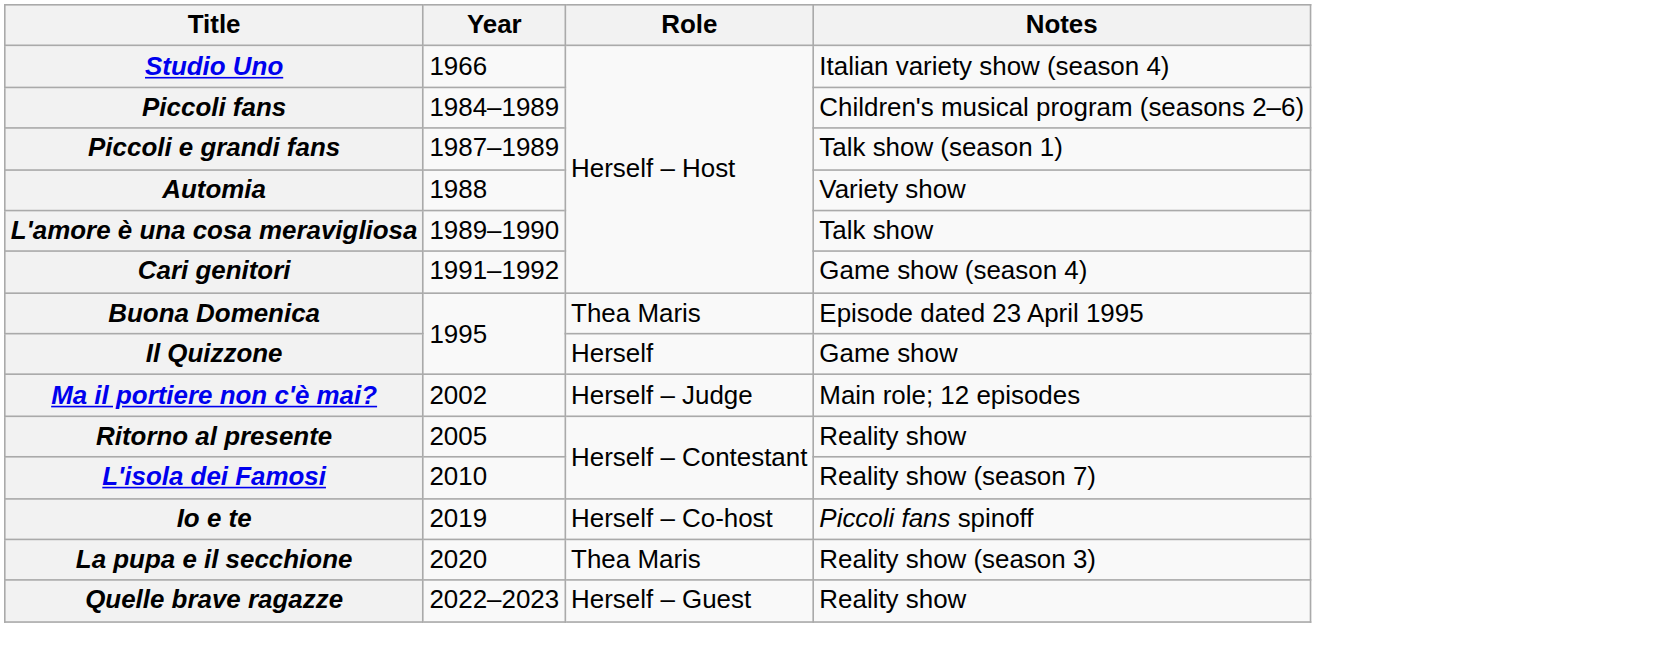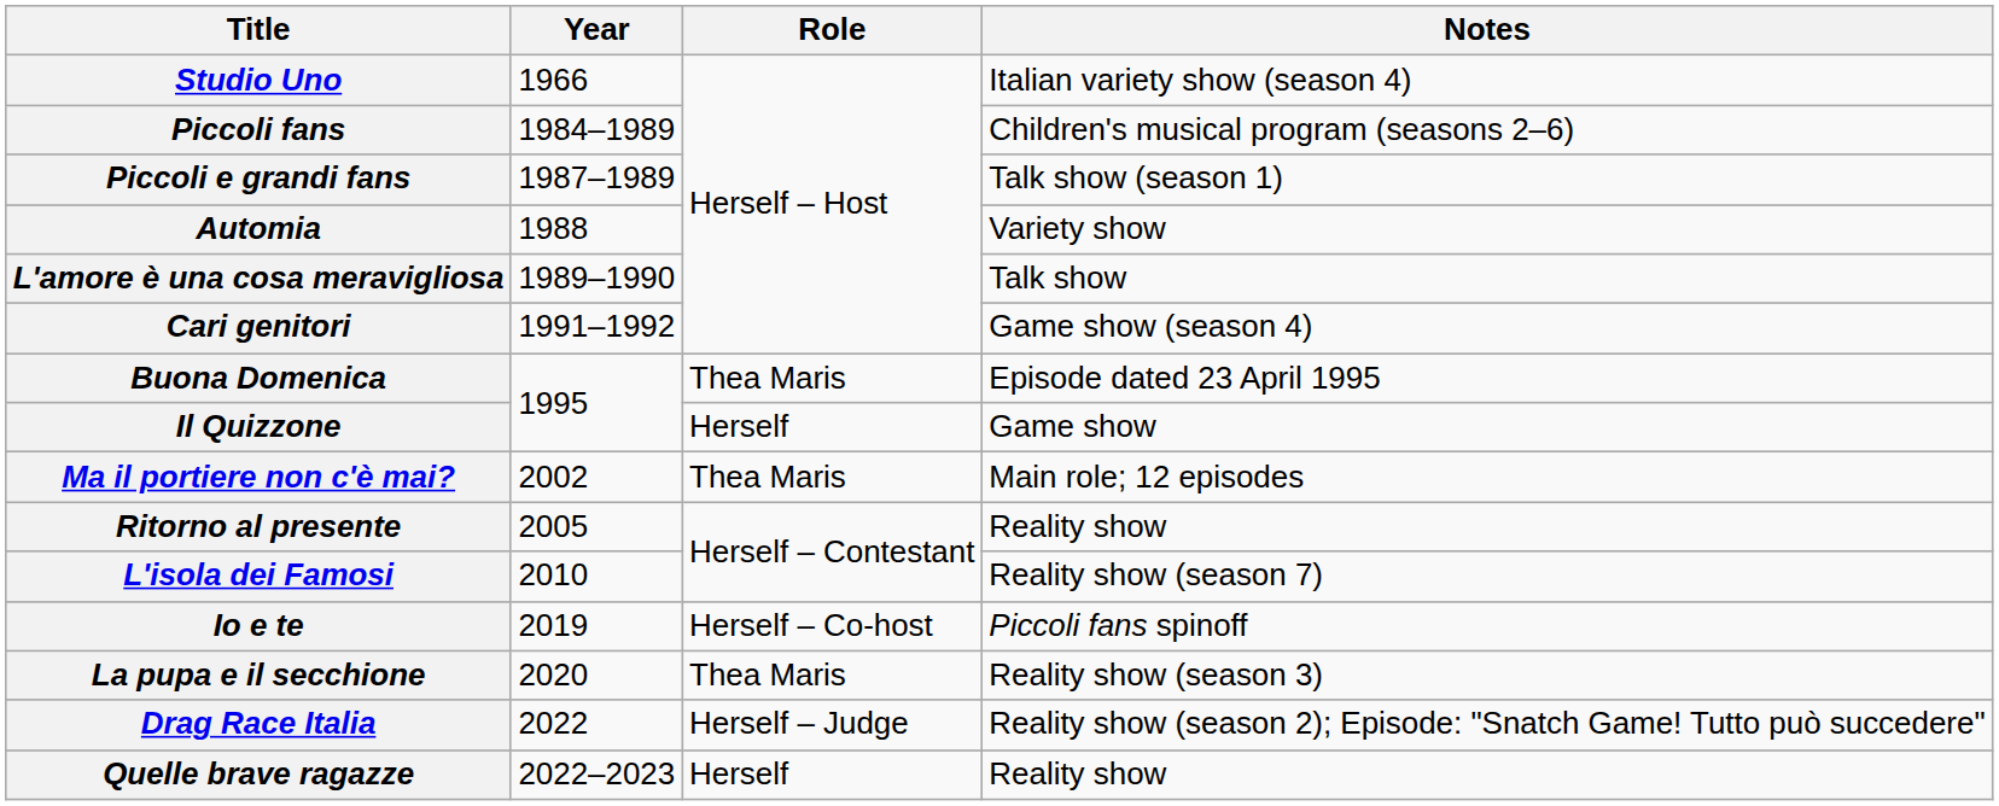 <table class="wikitable plainrowheaders" style="text-align:left;">
 <tr>
 <th style="text-align:center">Title</th>
 <th style="text-align:center">Year</th>
 <th style="text-align:center">Role</th>
 <th style="text-align:center">Notes</th>
 </tr>
 <tr>
 <th scope="row"><em><a href='#'>Studio Uno</a></em></th>
 <td>1966</td>
 <td rowspan="6">Herself – Host</td>
 <td>Italian variety show (season 4)</td>
 </tr>
 <tr>
 <th scope="row"><em>Piccoli fans</em></th>
 <td>1984–1989</td>
 <td>Children's musical program (seasons 2–6)</td>
 </tr>
 <tr>
 <th scope="row"><em>Piccoli e grandi fans</em></th>
 <td>1987–1989</td>
 <td>Talk show (season 1)</td>
 </tr>
 <tr>
 <th scope="row"><em>Automia</em></th>
 <td>1988</td>
 <td>Variety show</td>
 </tr>
 <tr>
 <th scope="row"><em>L'amore è una cosa meravigliosa</em></th>
 <td>1989–1990</td>
 <td>Talk show</td>
 </tr>
 <tr>
 <th scope="row"><em>Cari genitori</em></th>
 <td>1991–1992</td>
 <td>Game show (season 4)</td>
 </tr>
 <tr>
 <th scope="row"><em>Buona Domenica</em></th>
 <td rowspan="2">1995</td>
 <td>Thea Maris</td>
 <td>Episode dated 23 April 1995</td>
 </tr>
 <tr>
 <th scope="row"><em>Il Quizzone</em></th>
 <td>Herself</td>
 <td>Game show</td>
 </tr>
 <tr>
 <th scope="row"><em><a href='#'>Ma il portiere non c'è mai?</a></em></th>
 <td>2002</td>
-<td>Herself – Judge</td>
+<td>Thea Maris</td>
 <td>Main role; 12 episodes</td>
 </tr>
 <tr>
 <th scope="row"><em>Ritorno al presente</em></th>
 <td>2005</td>
 <td rowspan="2">Herself – Contestant</td>
 <td>Reality show</td>
 </tr>
 <tr>
 <th scope="row"><em><a href='#'>L'isola dei Famosi</a></em></th>
 <td>2010</td>
 <td>Reality show (season 7)</td>
 </tr>
 <tr>
 <th scope="row"><em>Io e te</em></th>
 <td>2019</td>
 <td>Herself – Co-host</td>
 <td><em>Piccoli fans</em> spinoff</td>
 </tr>
 <tr>
 <th scope="row"><em>La pupa e il secchione</em></th>
 <td>2020</td>
 <td>Thea Maris</td>
 <td>Reality show (season 3)</td>
 </tr>
 <tr>
+<th scope="row"><em><a href='#'>Drag Race Italia</a></em></th>
+<td>2022</td>
+<td>Herself – Judge</td>
+<td>Reality show (season 2); Episode: "Snatch Game! Tutto può succedere"</td>
+</tr>
+<tr>
 <th scope="row"><em>Quelle brave ragazze</em></th>
 <td>2022–2023</td>
-<td>Herself – Guest</td>
+<td>Herself</td>
 <td>Reality show</td>
 </tr>
 </table>
